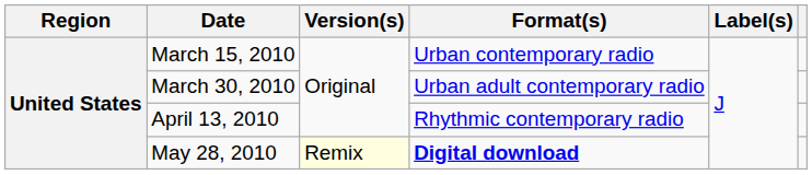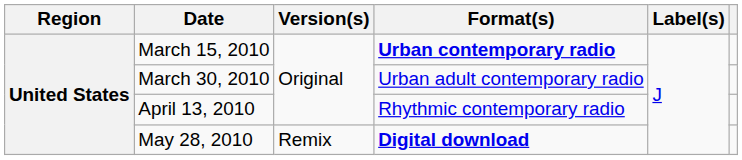 <table class="wikitable plainrowheaders">
 <tr>
 <th scope="col">Region</th>
 <th scope="col">Date</th>
 <th scope="col">Version(s)</th>
 <th scope="col">Format(s)</th>
 <th scope="col">Label(s)</th>
 <th scope="col"></th>
 </tr>
 <tr>
 <th scope="row" rowspan="4">United States</th>
 <td>March 15, 2010</td>
 <td rowspan="3">Original</td>
-<td><a href='#'>Urban contemporary radio</a></td>
+<td><strong><a href='#'>Urban contemporary radio</a></strong></td>
 <td rowspan="4"><a href='#'>J</a></td>
 <td></td>
 </tr>
 <tr>
 <td>March 30, 2010</td>
 <td><a href='#'>Urban adult contemporary radio</a></td>
 <td></td>
 </tr>
 <tr>
 <td>April 13, 2010</td>
 <td><a href='#'>Rhythmic contemporary radio</a></td>
 <td></td>
 </tr>
 <tr>
 <td>May 28, 2010</td>
-<td style="background: lightyellow;">Remix</td>
+<td>Remix</td>
 <td><strong><a href='#'>Digital download</a></strong></td>
 <td></td>
 </tr>
 </table>
